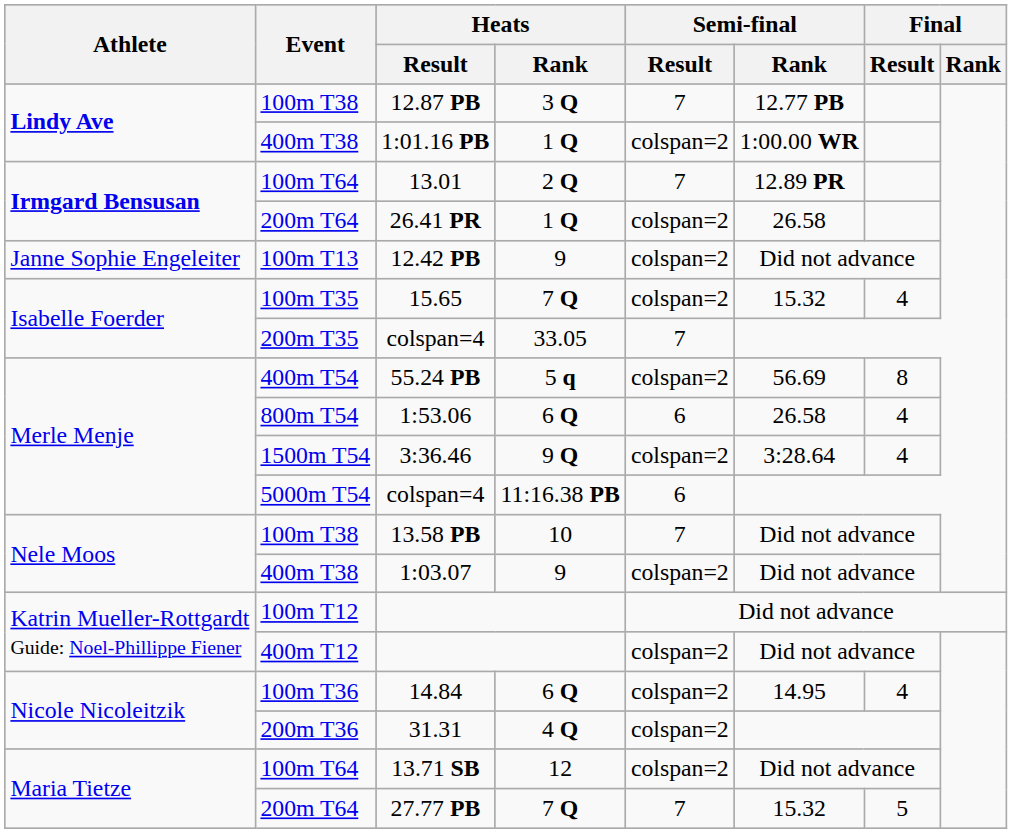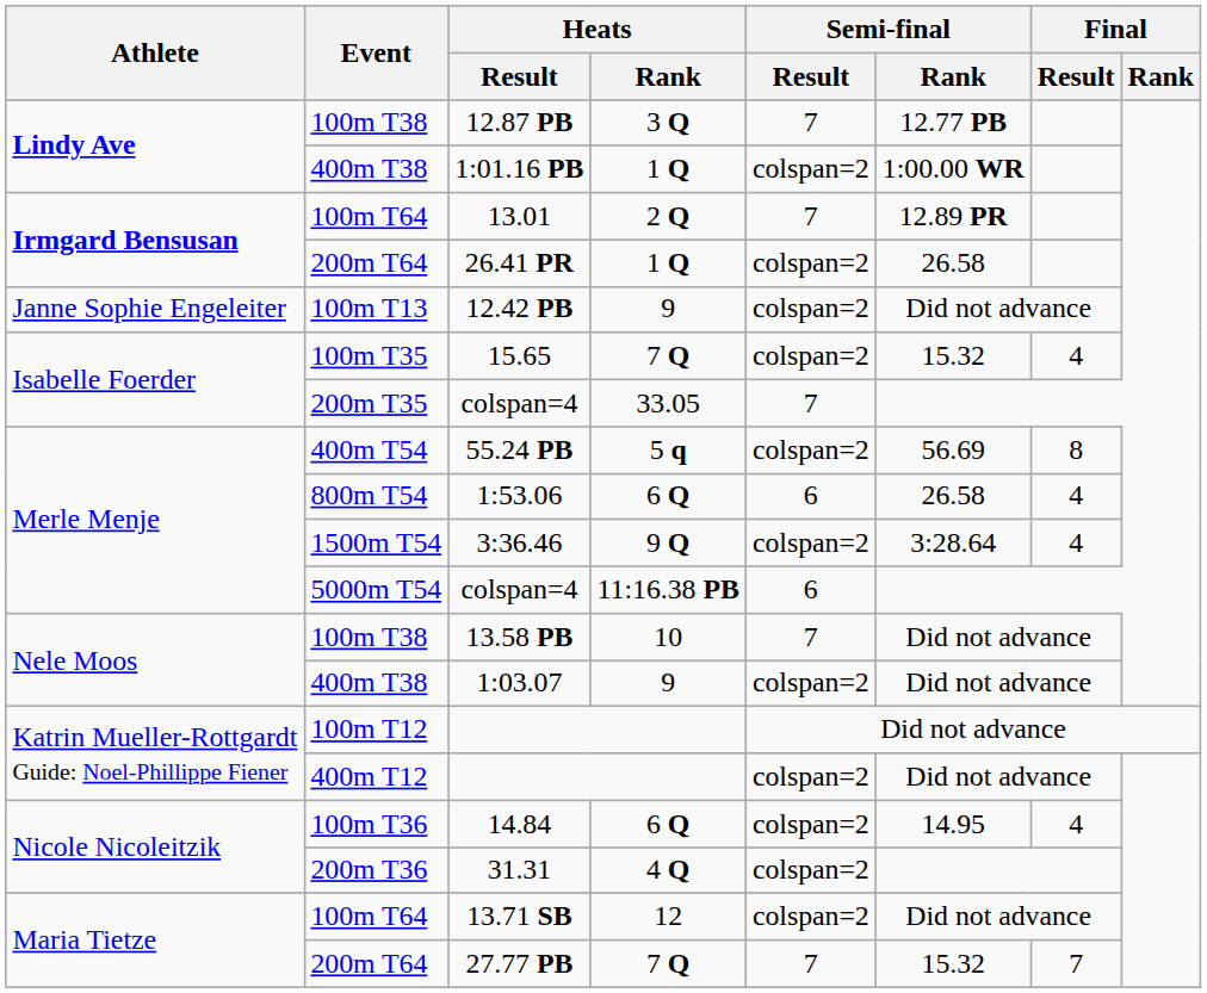 <table class=wikitable style="font-size:90%">
 <tr>
 <th rowspan="2">Athlete</th>
 <th rowspan="2">Event</th>
 <th colspan="2">Heats</th>
 <th colspan="2">Semi-final</th>
 <th colspan="2">Final</th>
 </tr>
 <tr>
 <th>Result</th>
 <th>Rank</th>
 <th>Result</th>
 <th>Rank</th>
 <th>Result</th>
 <th>Rank</th>
 </tr>
 <tr align=center>
 <td align=left rowspan=2><strong><a href='#'>Lindy Ave</a></strong></td>
 <td align=left><a href='#'>100m T38</a></td>
 <td>12.87 <strong>PB</strong></td>
 <td>3 <strong>Q</strong></td>
 <td>7</td>
 <td>12.77 <strong>PB</strong></td>
 <td></td>
 </tr>
 <tr align=center>
 <td align=left><a href='#'>400m T38</a></td>
 <td>1:01.16 <strong>PB</strong></td>
 <td>1 <strong>Q</strong></td>
 <td>colspan=2</td>
 <td>1:00.00 <strong>WR</strong></td>
 <td></td>
 </tr>
 <tr align=center>
 <td align=left rowspan=2><strong><a href='#'>Irmgard Bensusan</a></strong></td>
 <td align=left><a href='#'>100m T64</a></td>
 <td>13.01</td>
 <td>2 <strong>Q</strong></td>
 <td>7</td>
 <td>12.89 <strong>PR</strong></td>
 <td></td>
 </tr>
 <tr align=center>
 <td align=left><a href='#'>200m T64</a></td>
 <td>26.41 <strong>PR</strong></td>
 <td>1 <strong>Q</strong></td>
 <td>colspan=2</td>
 <td>26.58</td>
 <td></td>
 </tr>
 <tr align=center>
 <td align=left><a href='#'>Janne Sophie Engeleiter</a></td>
 <td align=left><a href='#'>100m T13</a></td>
 <td>12.42 <strong>PB</strong></td>
 <td>9</td>
 <td>colspan=2</td>
 <td colspan=2>Did not advance</td>
 </tr>
 <tr align=center>
 <td align=left rowspan=2><a href='#'>Isabelle Foerder</a></td>
 <td align=left><a href='#'>100m T35</a></td>
 <td>15.65</td>
 <td>7 <strong>Q</strong></td>
 <td>colspan=2</td>
 <td>15.32</td>
 <td>4</td>
 </tr>
 <tr align=center>
 <td align=left><a href='#'>200m T35</a></td>
 <td>colspan=4</td>
 <td>33.05</td>
 <td>7</td>
 </tr>
 <tr align=center>
 <td align=left rowspan=4><a href='#'>Merle Menje</a></td>
 <td align=left><a href='#'>400m T54</a></td>
 <td>55.24 <strong>PB</strong></td>
 <td>5 <strong>q</strong></td>
 <td>colspan=2</td>
 <td>56.69</td>
 <td>8</td>
 </tr>
 <tr align=center>
 <td align=left><a href='#'>800m T54</a></td>
 <td>1:53.06</td>
 <td>6 <strong>Q</strong></td>
 <td>6</td>
 <td>26.58</td>
 <td>4</td>
 </tr>
 <tr align=center>
 <td align=left><a href='#'>1500m T54</a></td>
 <td>3:36.46</td>
 <td>9 <strong>Q</strong></td>
 <td>colspan=2</td>
 <td>3:28.64</td>
 <td>4</td>
 </tr>
 <tr align=center>
 <td align=left><a href='#'>5000m T54</a></td>
 <td>colspan=4</td>
 <td>11:16.38 <strong>PB</strong></td>
 <td>6</td>
 </tr>
 <tr align=center>
 <td align=left rowspan=2><a href='#'>Nele Moos</a></td>
 <td align=left><a href='#'>100m T38</a></td>
 <td>13.58 <strong>PB</strong></td>
 <td>10</td>
 <td>7</td>
 <td colspan=2>Did not advance</td>
 </tr>
 <tr align=center>
 <td align=left><a href='#'>400m T38</a></td>
 <td>1:03.07</td>
 <td>9</td>
 <td>colspan=2</td>
 <td colspan=2>Did not advance</td>
 </tr>
 <tr align=center>
 <td align=left rowspan=2><a href='#'>Katrin Mueller-Rottgardt</a><br><small>Guide: <a href='#'>Noel-Phillippe Fiener</a></small></td>
 <td align=left><a href='#'>100m T12</a></td>
 <td colspan=2></td>
 <td colspan=4>Did not advance</td>
 </tr>
 <tr align=center>
 <td align=left><a href='#'>400m T12</a></td>
 <td colspan=2></td>
 <td>colspan=2</td>
 <td colspan=2>Did not advance</td>
 </tr>
 <tr align=center>
 <td align=left rowspan=2><a href='#'>Nicole Nicoleitzik</a></td>
 <td align=left><a href='#'>100m T36</a></td>
 <td>14.84</td>
 <td>6 <strong>Q</strong></td>
 <td>colspan=2</td>
 <td>14.95</td>
 <td>4</td>
 </tr>
 <tr align=center>
 <td align=left><a href='#'>200m T36</a></td>
 <td>31.31</td>
 <td>4 <strong>Q</strong></td>
 <td>colspan=2</td>
 <td colspan=2></td>
 </tr>
 <tr align=center>
 <td align=left rowspan=2><a href='#'>Maria Tietze</a></td>
 <td align=left><a href='#'>100m T64</a></td>
 <td>13.71 <strong>SB</strong></td>
 <td>12</td>
 <td>colspan=2</td>
 <td colspan=2>Did not advance</td>
 </tr>
 <tr align=center>
 <td align=left><a href='#'>200m T64</a></td>
 <td>27.77 <strong>PB</strong></td>
 <td>7 <strong>Q</strong></td>
 <td>7</td>
 <td>15.32</td>
-<td>5</td>
+<td>7</td>
 </tr>
 </table>
